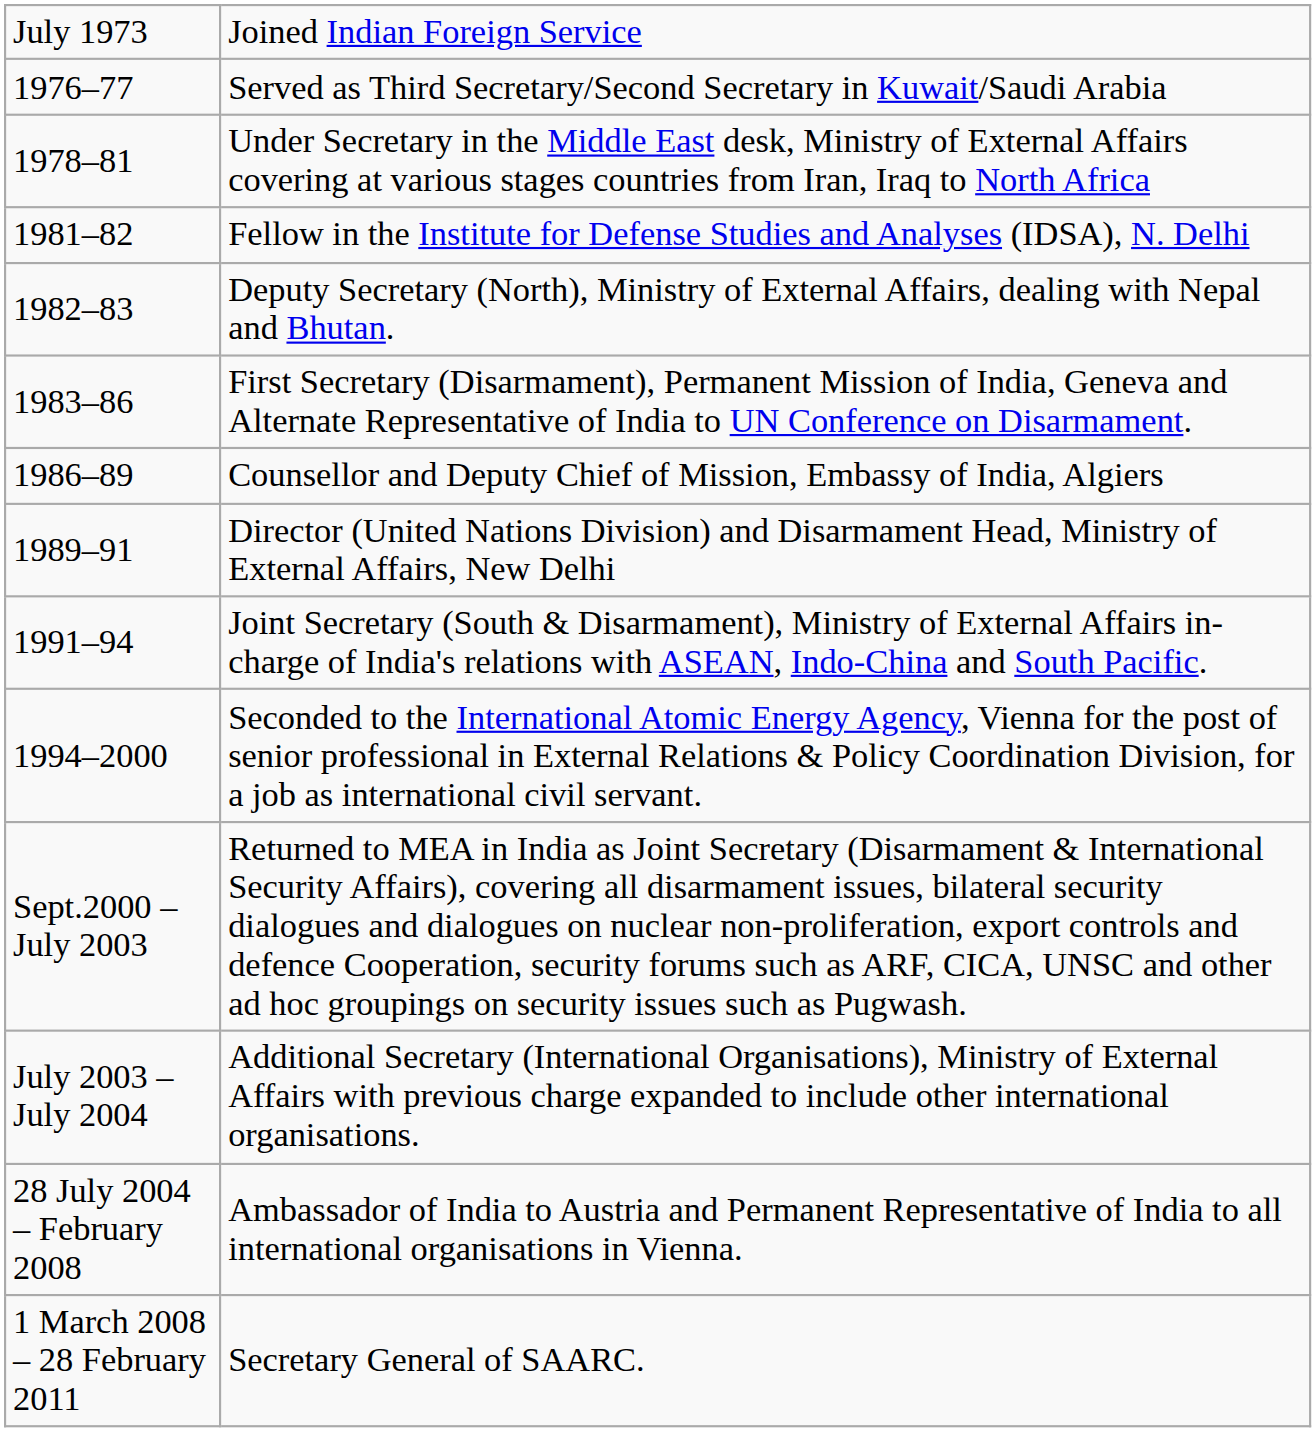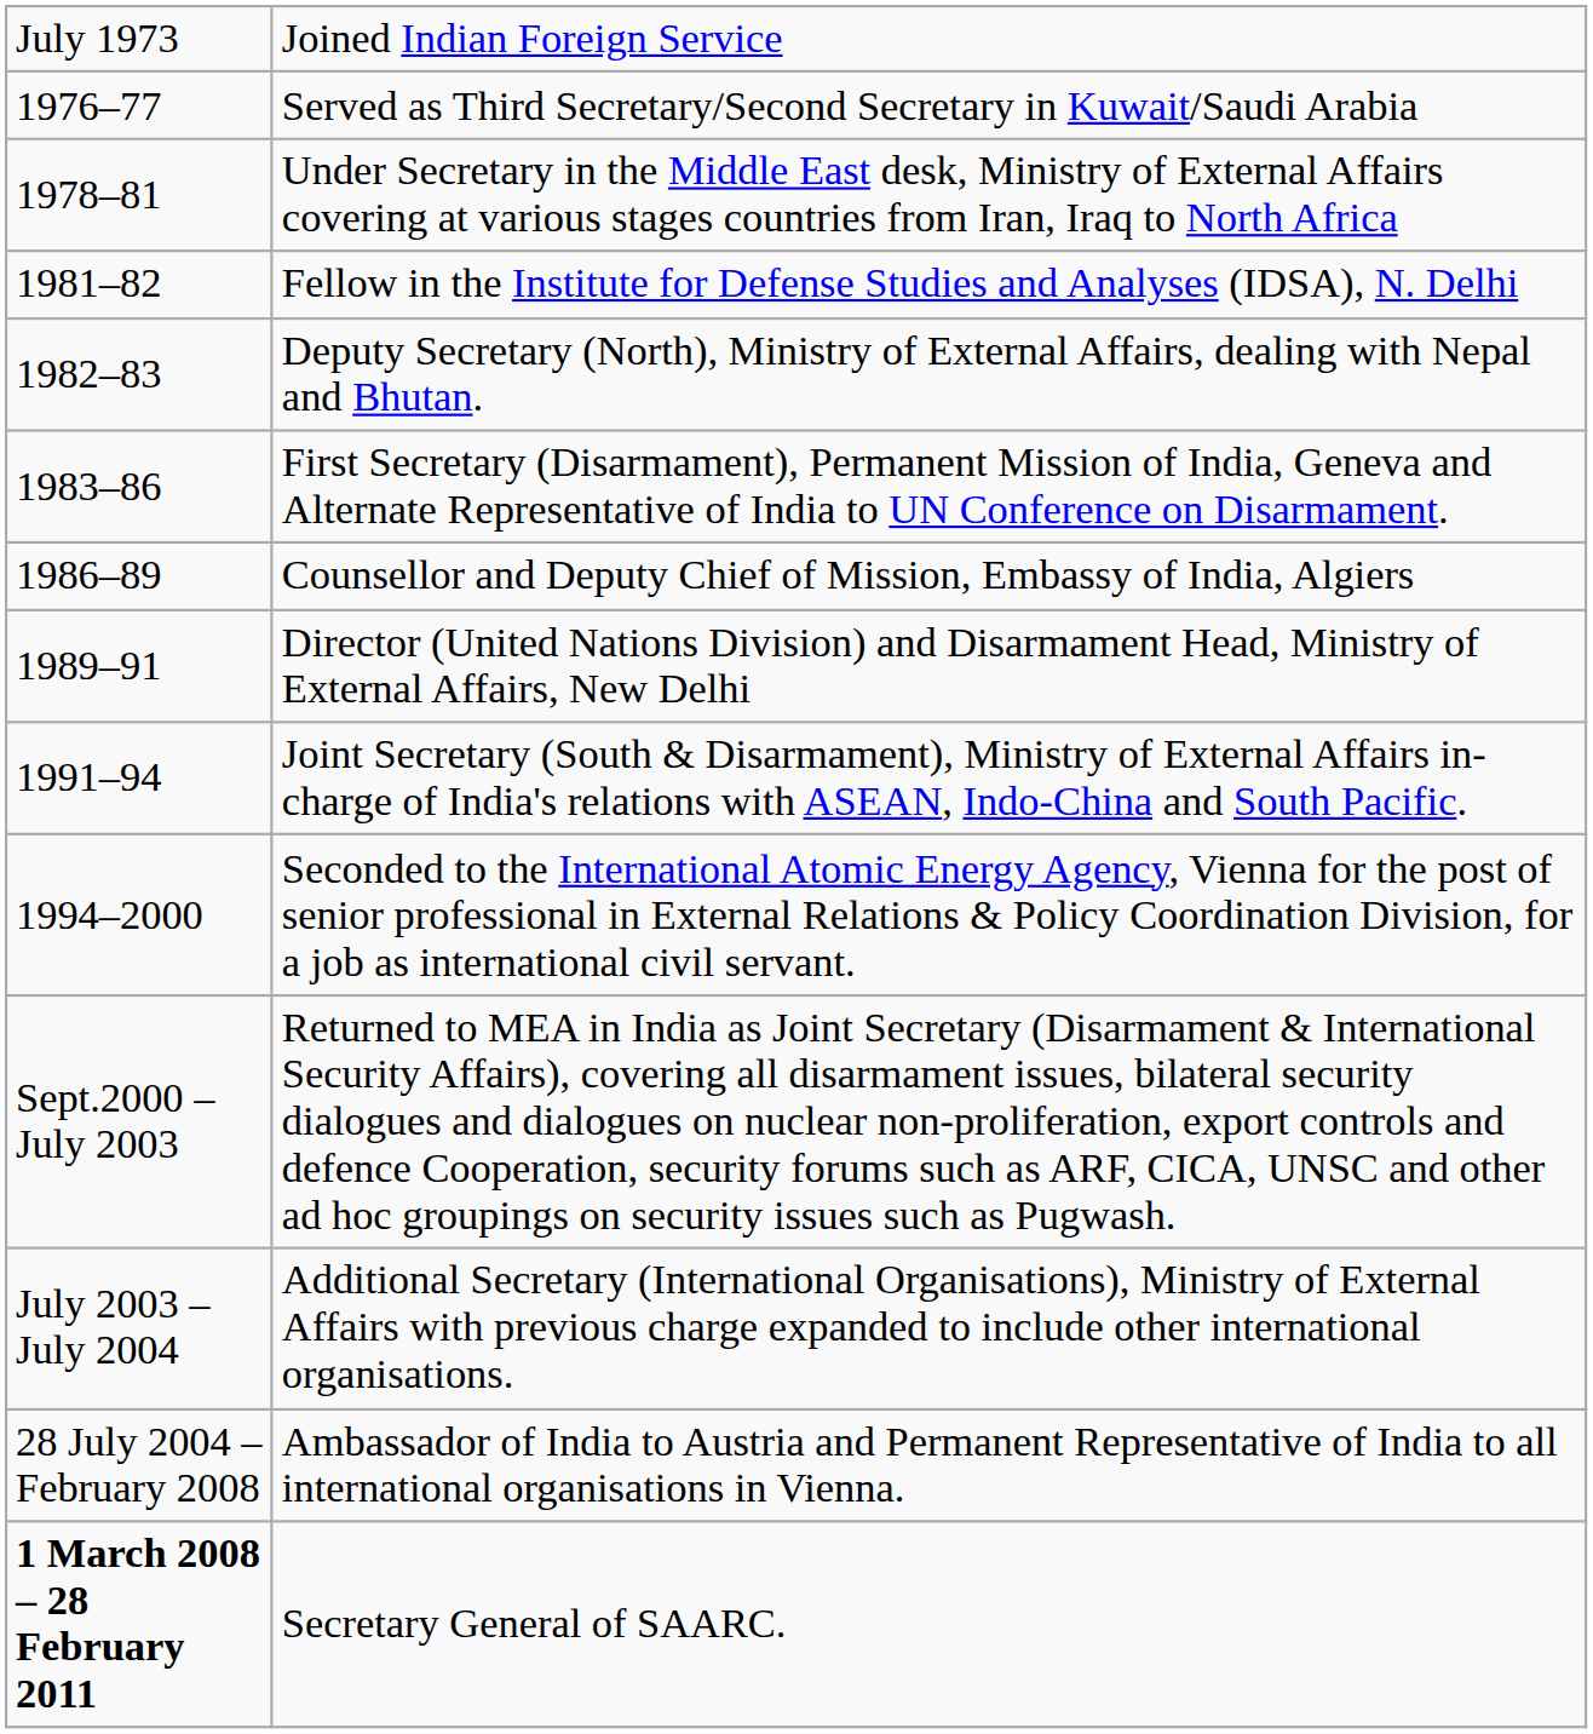 <table class="wikitable">
 <tr>
 <td>July 1973</td>
 <td>Joined <a href='#'>Indian Foreign Service</a></td>
 </tr>
 <tr>
 <td>1976–77</td>
 <td>Served as Third Secretary/Second Secretary in <a href='#'>Kuwait</a>/Saudi Arabia</td>
 </tr>
 <tr>
 <td>1978–81</td>
 <td>Under Secretary in the <a href='#'>Middle East</a> desk, Ministry of External Affairs covering at various stages countries from Iran, Iraq to <a href='#'>North Africa</a></td>
 </tr>
 <tr>
 <td>1981–82</td>
 <td>Fellow in the <a href='#'>Institute for Defense Studies and Analyses</a> (IDSA), <a href='#'>N. Delhi</a></td>
 </tr>
 <tr>
 <td>1982–83</td>
 <td>Deputy Secretary (North), Ministry of External Affairs, dealing with Nepal and <a href='#'>Bhutan</a>.</td>
 </tr>
 <tr>
 <td>1983–86</td>
 <td>First Secretary (Disarmament), Permanent Mission of India, Geneva and Alternate Representative of India to <a href='#'>UN Conference on Disarmament</a>.</td>
 </tr>
 <tr>
 <td>1986–89</td>
 <td>Counsellor and Deputy Chief of Mission, Embassy of India, Algiers</td>
 </tr>
 <tr>
 <td>1989–91</td>
 <td>Director (United Nations Division) and Disarmament Head, Ministry of External Affairs, New Delhi</td>
 </tr>
 <tr>
 <td>1991–94</td>
 <td>Joint Secretary (South & Disarmament), Ministry of External Affairs in-charge of India's relations with <a href='#'>ASEAN</a>, <a href='#'>Indo-China</a> and <a href='#'>South Pacific</a>.</td>
 </tr>
 <tr>
 <td>1994–2000</td>
 <td>Seconded to the <a href='#'>International Atomic Energy Agency</a>, Vienna for the post of senior professional in External Relations & Policy Coordination Division, for a job as international civil servant.</td>
 </tr>
 <tr>
 <td>Sept.2000 – July 2003</td>
 <td>Returned to MEA in India as Joint Secretary (Disarmament & International Security Affairs), covering all disarmament issues, bilateral security dialogues and dialogues on nuclear non-proliferation, export controls and defence Cooperation, security forums such as ARF, CICA, UNSC and other ad hoc groupings on security issues such as Pugwash.</td>
 </tr>
 <tr>
 <td>July 2003 – July 2004</td>
 <td>Additional Secretary (International Organisations), Ministry of External Affairs with previous charge expanded to include other international organisations.</td>
 </tr>
 <tr>
 <td>28 July 2004 – February 2008</td>
 <td>Ambassador of India to Austria and Permanent Representative of India to all international organisations in Vienna.</td>
 </tr>
 <tr>
-<td>1 March 2008 – 28 February 2011</td>
+<td><strong>1 March 2008 – 28 February 2011</strong></td>
 <td>Secretary General of SAARC.</td>
 </tr>
 </table>
